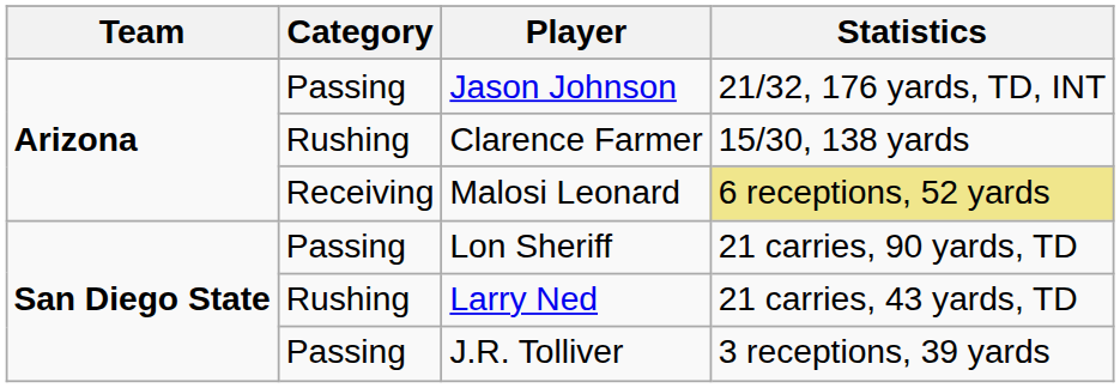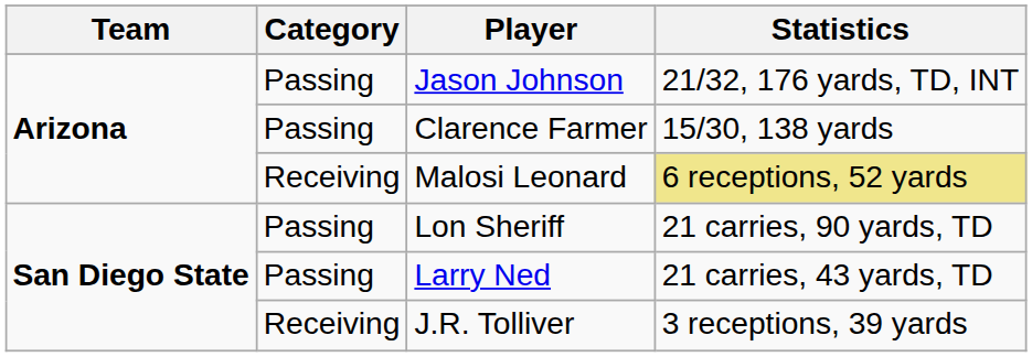 <table class="wikitable" style="float: right;">
 <tr>
 <th>Team</th>
 <th>Category</th>
 <th>Player</th>
 <th>Statistics</th>
 </tr>
 <tr>
 <td rowspan=3><strong>Arizona</strong></td>
 <td>Passing</td>
 <td><a href='#'>Jason Johnson</a></td>
 <td>21/32, 176 yards, TD, INT</td>
 </tr>
 <tr>
-<td>Rushing</td>
+<td>Passing</td>
 <td>Clarence Farmer</td>
 <td>15/30, 138 yards</td>
 </tr>
 <tr>
 <td>Receiving</td>
 <td>Malosi Leonard</td>
 <td style="background: khaki;">6 receptions, 52 yards</td>
 </tr>
 <tr>
 <td rowspan=3><strong>San Diego State</strong></td>
 <td>Passing</td>
 <td>Lon Sheriff</td>
 <td>21 carries, 90 yards, TD</td>
 </tr>
 <tr>
-<td>Rushing</td>
+<td>Passing</td>
 <td><a href='#'>Larry Ned</a></td>
 <td>21 carries, 43 yards, TD</td>
 </tr>
 <tr>
-<td>Passing</td>
+<td>Receiving</td>
 <td>J.R. Tolliver</td>
 <td>3 receptions, 39 yards</td>
 </tr>
 </table>
